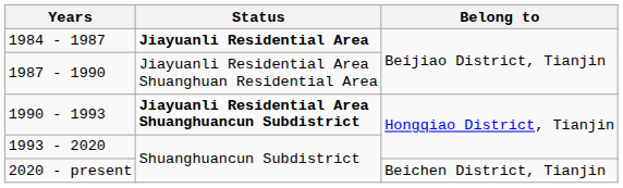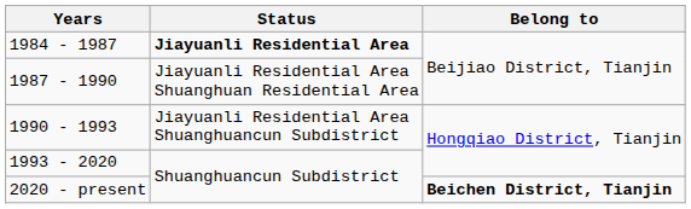 <table class="wikitable">
 <tr>
 <th>Years</th>
 <th>Status</th>
 <th>Belong to</th>
 </tr>
 <tr>
 <td>1984 - 1987</td>
 <td><strong>Jiayuanli Residential Area</strong></td>
 <td rowspan="2">Beijiao District, Tianjin</td>
 </tr>
 <tr>
 <td>1987 - 1990</td>
 <td>Jiayuanli Residential Area<br>Shuanghuan Residential Area</td>
 </tr>
 <tr>
 <td>1990 - 1993</td>
-<td><strong>Jiayuanli Residential Area<br>Shuanghuancun Subdistrict</strong></td>
+<td>Jiayuanli Residential Area<br>Shuanghuancun Subdistrict</td>
 <td rowspan="2"><a href='#'>Hongqiao District</a>, Tianjin</td>
 </tr>
 <tr>
 <td>1993 - 2020</td>
 <td rowspan="2">Shuanghuancun Subdistrict</td>
 </tr>
 <tr>
 <td>2020 - present</td>
-<td>Beichen District, Tianjin</td>
+<td><strong>Beichen District, Tianjin</strong></td>
 </tr>
 </table>
